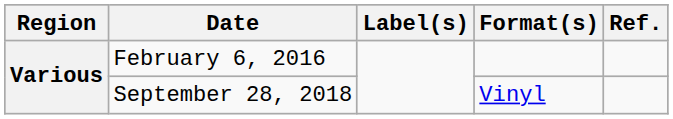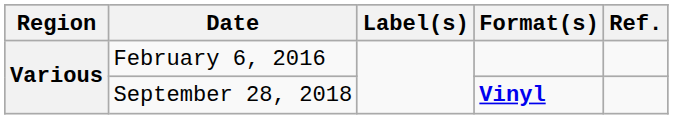 <table class="wikitable plainrowheaders">
 <tr>
 <th scope="col">Region</th>
 <th scope="col">Date</th>
 <th scope="col">Label(s)</th>
 <th scope="col">Format(s)</th>
 <th scope="col">Ref.</th>
 </tr>
 <tr>
 <th scope="row" rowspan="2">Various</th>
 <td>February 6, 2016</td>
 <td rowspan="2"></td>
 <td></td>
 <td></td>
 </tr>
 <tr>
 <td>September 28, 2018</td>
-<td><a href='#'>Vinyl</a></td>
+<td><strong><a href='#'>Vinyl</a></strong></td>
 <td></td>
 </tr>
 </table>
